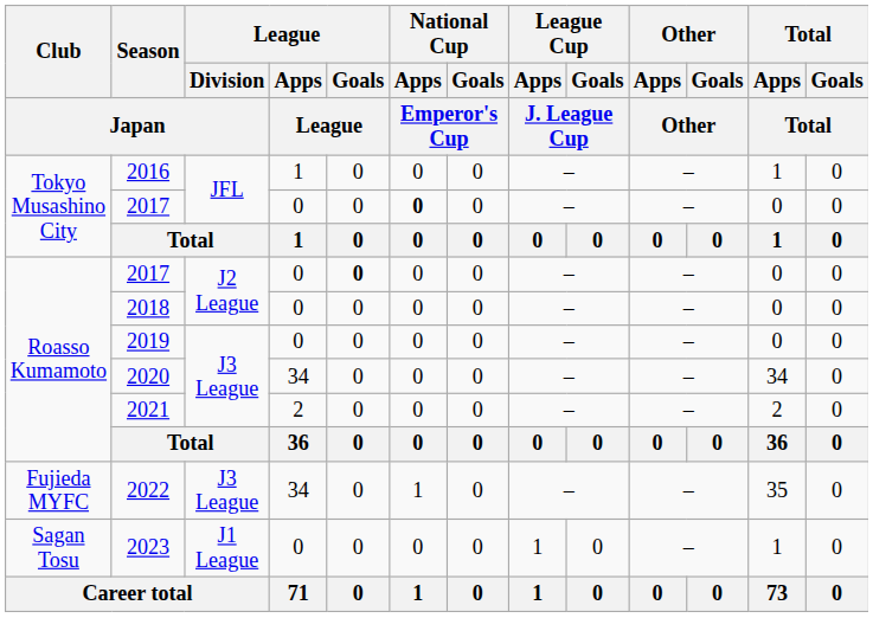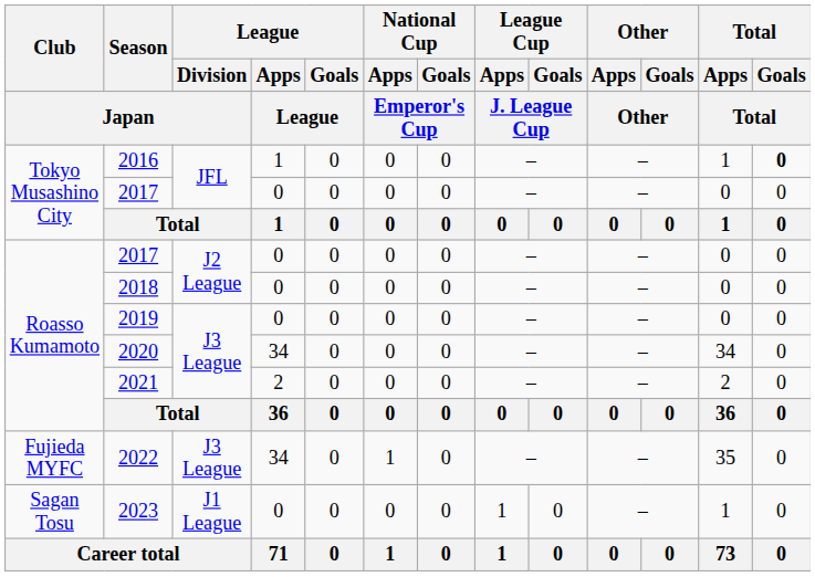 <table class="wikitable" style="text-align: center">
 <tr>
 <th rowspan="2">Club</th>
 <th rowspan="2">Season</th>
 <th colspan="3">League</th>
 <th colspan="2">National Cup</th>
 <th colspan="2">League Cup</th>
 <th colspan="2">Other</th>
 <th colspan="2">Total</th>
 </tr>
 <tr>
 <th>Division</th>
 <th>Apps</th>
 <th>Goals</th>
 <th>Apps</th>
 <th>Goals</th>
 <th>Apps</th>
 <th>Goals</th>
 <th>Apps</th>
 <th>Goals</th>
 <th>Apps</th>
 <th>Goals</th>
 </tr>
 <tr>
 <th colspan=3>Japan</th>
 <th colspan=2>League</th>
 <th colspan=2><a href='#'>Emperor's Cup</a></th>
 <th colspan=2><a href='#'>J. League Cup</a></th>
 <th colspan=2>Other</th>
 <th colspan=2>Total</th>
 </tr>
 <tr>
 <td rowspan="3"><a href='#'>Tokyo Musashino City</a></td>
 <td><a href='#'>2016</a></td>
 <td rowspan="2"><a href='#'>JFL</a></td>
 <td>1</td>
 <td>0</td>
 <td>0</td>
 <td>0</td>
 <td colspan="2">–</td>
 <td colspan="2">–</td>
 <td>1</td>
-<td>0</td>
+<td><strong>0</strong></td>
 </tr>
 <tr>
 <td><a href='#'>2017</a></td>
 <td>0</td>
 <td>0</td>
-<td><strong>0</strong></td>
+<td>0</td>
 <td>0</td>
 <td colspan="2">–</td>
 <td colspan="2">–</td>
 <td>0</td>
 <td>0</td>
 </tr>
 <tr>
 <th colspan=2>Total</th>
 <th>1</th>
 <th>0</th>
 <th>0</th>
 <th>0</th>
 <th>0</th>
 <th>0</th>
 <th>0</th>
 <th>0</th>
 <th>1</th>
 <th>0</th>
 </tr>
 <tr>
 <td rowspan="6"><a href='#'>Roasso Kumamoto</a></td>
 <td><a href='#'>2017</a></td>
 <td rowspan="2"><a href='#'>J2 League</a></td>
 <td>0</td>
-<td><strong>0</strong></td>
+<td>0</td>
 <td>0</td>
 <td>0</td>
 <td colspan="2">–</td>
 <td colspan="2">–</td>
 <td>0</td>
 <td>0</td>
 </tr>
 <tr>
 <td><a href='#'>2018</a></td>
 <td>0</td>
 <td>0</td>
 <td>0</td>
 <td>0</td>
 <td colspan="2">–</td>
 <td colspan="2">–</td>
 <td>0</td>
 <td>0</td>
 </tr>
 <tr>
 <td><a href='#'>2019</a></td>
 <td rowspan="3"><a href='#'>J3 League</a></td>
 <td>0</td>
 <td>0</td>
 <td>0</td>
 <td>0</td>
 <td colspan="2">–</td>
 <td colspan="2">–</td>
 <td>0</td>
 <td>0</td>
 </tr>
 <tr>
 <td><a href='#'>2020</a></td>
 <td>34</td>
 <td>0</td>
 <td>0</td>
 <td>0</td>
 <td colspan="2">–</td>
 <td colspan="2">–</td>
 <td>34</td>
 <td>0</td>
 </tr>
 <tr>
 <td><a href='#'>2021</a></td>
 <td>2</td>
 <td>0</td>
 <td>0</td>
 <td>0</td>
 <td colspan="2">–</td>
 <td colspan="2">–</td>
 <td>2</td>
 <td>0</td>
 </tr>
 <tr>
 <th colspan=2>Total</th>
 <th>36</th>
 <th>0</th>
 <th>0</th>
 <th>0</th>
 <th>0</th>
 <th>0</th>
 <th>0</th>
 <th>0</th>
 <th>36</th>
 <th>0</th>
 </tr>
 <tr>
 <td><a href='#'>Fujieda MYFC</a></td>
 <td><a href='#'>2022</a></td>
 <td><a href='#'>J3 League</a></td>
 <td>34</td>
 <td>0</td>
 <td>1</td>
 <td>0</td>
 <td colspan="2">–</td>
 <td colspan="2">–</td>
 <td>35</td>
 <td>0</td>
 </tr>
 <tr>
 <td><a href='#'>Sagan Tosu</a></td>
 <td><a href='#'>2023</a></td>
 <td><a href='#'>J1 League</a></td>
 <td>0</td>
 <td>0</td>
 <td>0</td>
 <td>0</td>
 <td>1</td>
 <td>0</td>
 <td colspan="2">–</td>
 <td>1</td>
 <td>0</td>
 </tr>
 <tr>
 <th colspan=3>Career total</th>
 <th>71</th>
 <th>0</th>
 <th>1</th>
 <th>0</th>
 <th>1</th>
 <th>0</th>
 <th>0</th>
 <th>0</th>
 <th>73</th>
 <th>0</th>
 </tr>
 </table>
